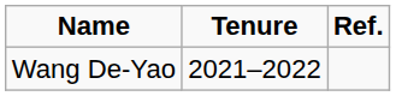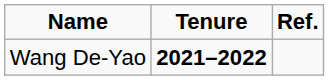 <table class="wikitable" style="text-align:center">
 <tr style="font-weight:bold;">
 <td>Name</td>
 <td>Tenure</td>
 <td>Ref.</td>
 </tr>
 <tr>
 <td>Wang De-Yao</td>
-<td>2021–2022</td>
+<td><strong>2021–2022</strong></td>
 <td></td>
 </tr>
 </table>
